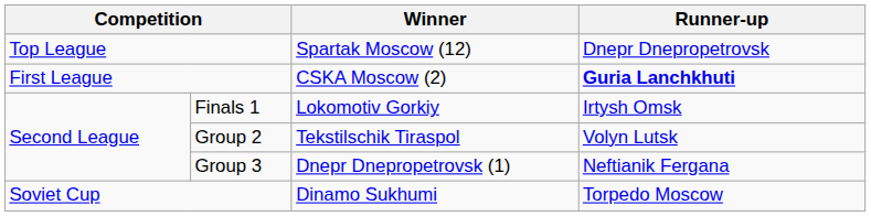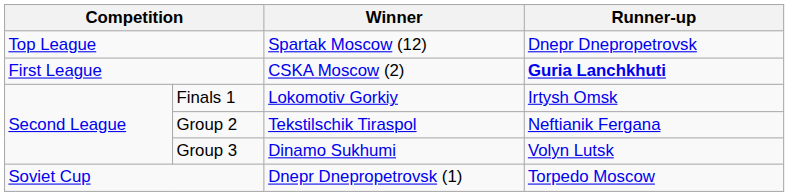 <table class="wikitable">
 <tr>
 <th style="width:15em" colspan=2>Competition</th>
 <th style="width:15em">Winner</th>
 <th style="width:15em">Runner-up</th>
 </tr>
 <tr>
 <td colspan=2><a href='#'>Top League</a></td>
 <td><a href='#'>Spartak Moscow</a> (12)</td>
 <td><a href='#'>Dnepr Dnepropetrovsk</a></td>
 </tr>
 <tr>
 <td colspan=2><a href='#'>First League</a></td>
 <td><a href='#'>CSKA Moscow</a> (2)</td>
 <td><strong><a href='#'>Guria Lanchkhuti</a></strong></td>
 </tr>
 <tr>
 <td rowspan=3><a href='#'>Second League</a></td>
 <td>Finals 1</td>
 <td><a href='#'>Lokomotiv Gorkiy</a></td>
 <td><a href='#'>Irtysh Omsk</a></td>
 </tr>
 <tr>
 <td>Group 2</td>
 <td><a href='#'>Tekstilschik Tiraspol</a></td>
+<td><a href='#'>Neftianik Fergana</a></td>
+</tr>
+<tr>
+<td>Group 3</td>
+<td><a href='#'>Dinamo Sukhumi</a></td>
 <td><a href='#'>Volyn Lutsk</a></td>
 </tr>
 <tr>
-<td>Group 3</td>
+<td colspan=2><a href='#'>Soviet Cup</a></td>
 <td><a href='#'>Dnepr Dnepropetrovsk</a> (1)</td>
-<td><a href='#'>Neftianik Fergana</a></td>
-</tr>
-<tr>
-<td colspan=2><a href='#'>Soviet Cup</a></td>
-<td><a href='#'>Dinamo Sukhumi</a></td>
 <td><a href='#'>Torpedo Moscow</a></td>
 </tr>
 </table>
